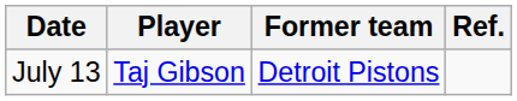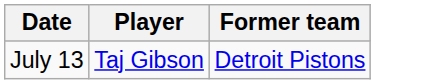 <table class="wikitable sortable sortable" style="text-align: center">
 <tr>
 <th>Date</th>
 <th>Player</th>
 <th>Former team</th>
-<th>Ref.</th>
 </tr>
 <tr>
 <td>July 13</td>
 <td><a href='#'>Taj Gibson</a></td>
 <td><a href='#'>Detroit Pistons</a></td>
-<td></td>
 </tr>
 </table>
